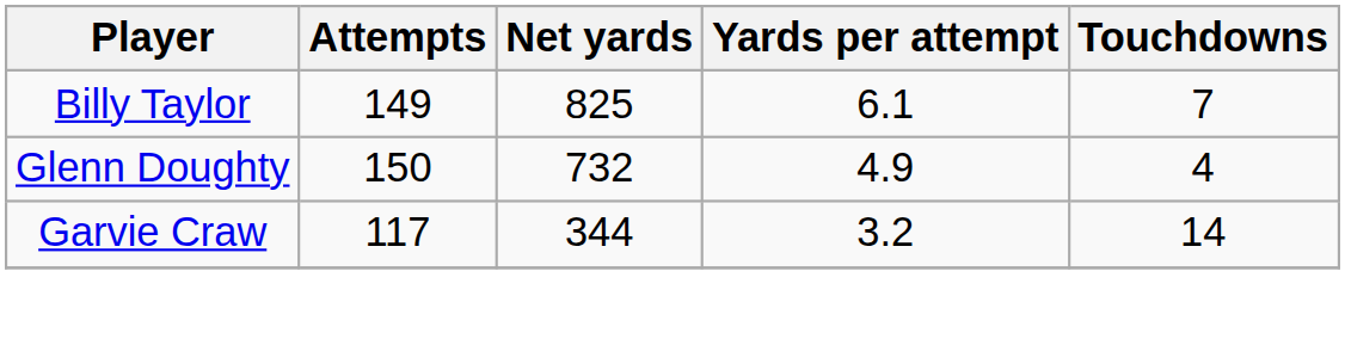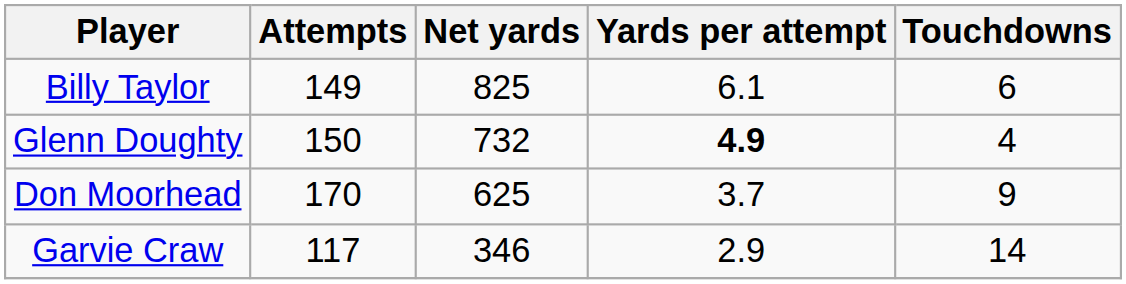 <table class="wikitable" style="text-align:center">
 <tr>
 <th>Player</th>
 <th>Attempts</th>
 <th>Net yards</th>
 <th>Yards per attempt</th>
 <th>Touchdowns</th>
 </tr>
 <tr>
 <td><a href='#'>Billy Taylor</a></td>
 <td>149</td>
 <td>825</td>
 <td>6.1</td>
-<td>7</td>
+<td>6</td>
 </tr>
 <tr>
 <td><a href='#'>Glenn Doughty</a></td>
 <td>150</td>
 <td>732</td>
-<td>4.9</td>
+<td><strong>4.9</strong></td>
 <td>4</td>
+</tr>
+<tr>
+<td><a href='#'>Don Moorhead</a></td>
+<td>170</td>
+<td>625</td>
+<td>3.7</td>
+<td>9</td>
 </tr>
 <tr>
 <td><a href='#'>Garvie Craw</a></td>
 <td>117</td>
-<td>344</td>
-<td>3.2</td>
+<td>346</td>
+<td>2.9</td>
 <td>14</td>
 </tr>
 <tr>
 </tr>
 </table>
